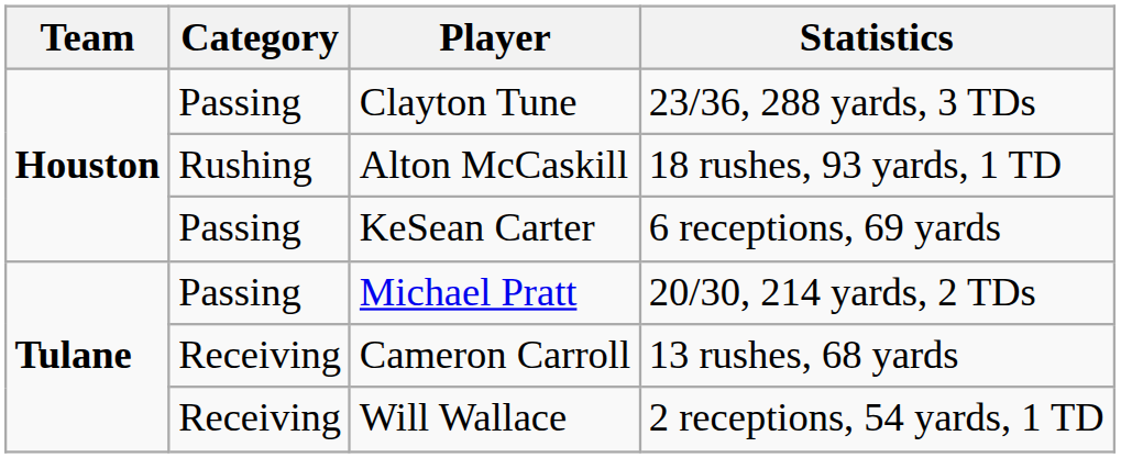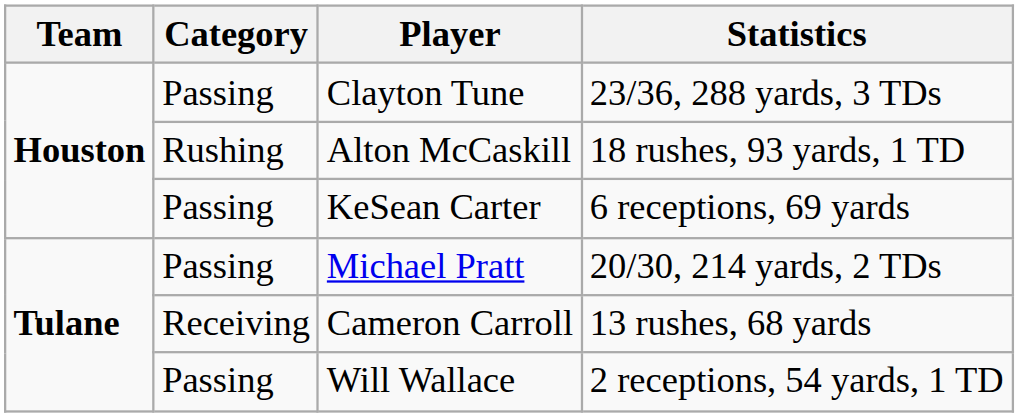 <table class="wikitable" style="float: left;">
 <tr>
 <th>Team</th>
 <th>Category</th>
 <th>Player</th>
 <th>Statistics</th>
 </tr>
 <tr>
 <td rowspan=3><strong>Houston</strong></td>
 <td>Passing</td>
 <td>Clayton Tune</td>
 <td>23/36, 288 yards, 3 TDs</td>
 </tr>
 <tr>
 <td>Rushing</td>
 <td>Alton McCaskill</td>
 <td>18 rushes, 93 yards, 1 TD</td>
 </tr>
 <tr>
 <td>Passing</td>
 <td>KeSean Carter</td>
 <td>6 receptions, 69 yards</td>
 </tr>
 <tr>
 <td rowspan=3><strong>Tulane</strong></td>
 <td>Passing</td>
 <td><a href='#'>Michael Pratt</a></td>
 <td>20/30, 214 yards, 2 TDs</td>
 </tr>
 <tr>
 <td>Receiving</td>
 <td>Cameron Carroll</td>
 <td>13 rushes, 68 yards</td>
 </tr>
 <tr>
-<td>Receiving</td>
+<td>Passing</td>
 <td>Will Wallace</td>
 <td>2 receptions, 54 yards, 1 TD</td>
 </tr>
 </table>
